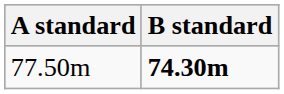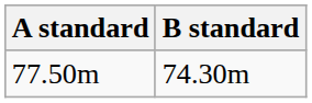 <table class="wikitable" border="1" align="upright">
 <tr>
 <th>A standard</th>
 <th>B standard</th>
 </tr>
 <tr>
 <td>77.50m</td>
-<td><strong>74.30m</strong></td>
+<td>74.30m</td>
 </tr>
 </table>
